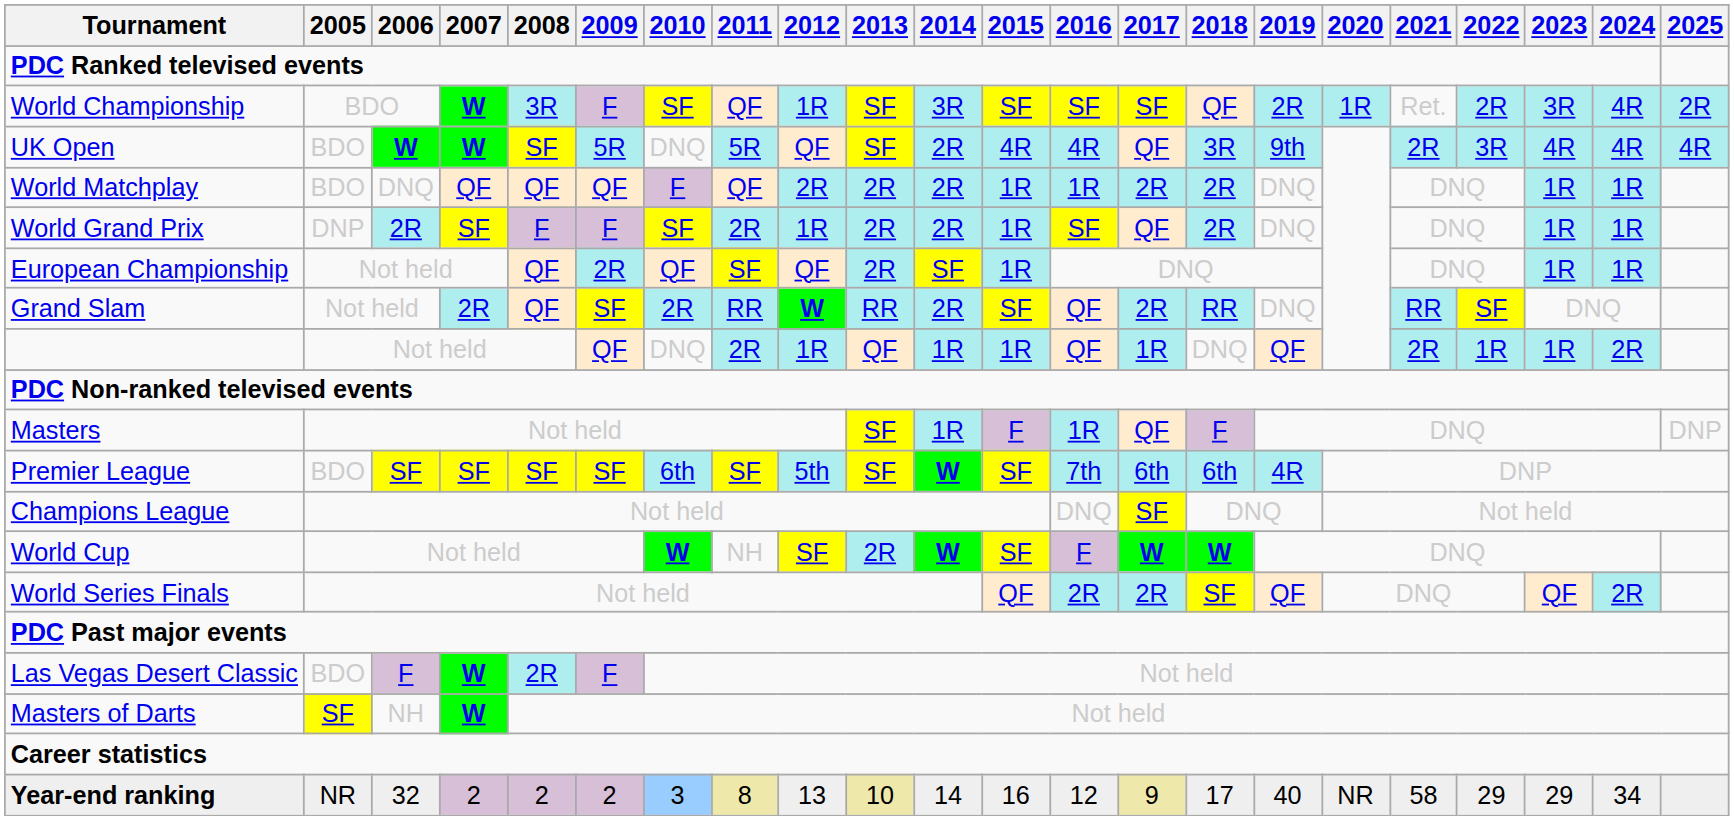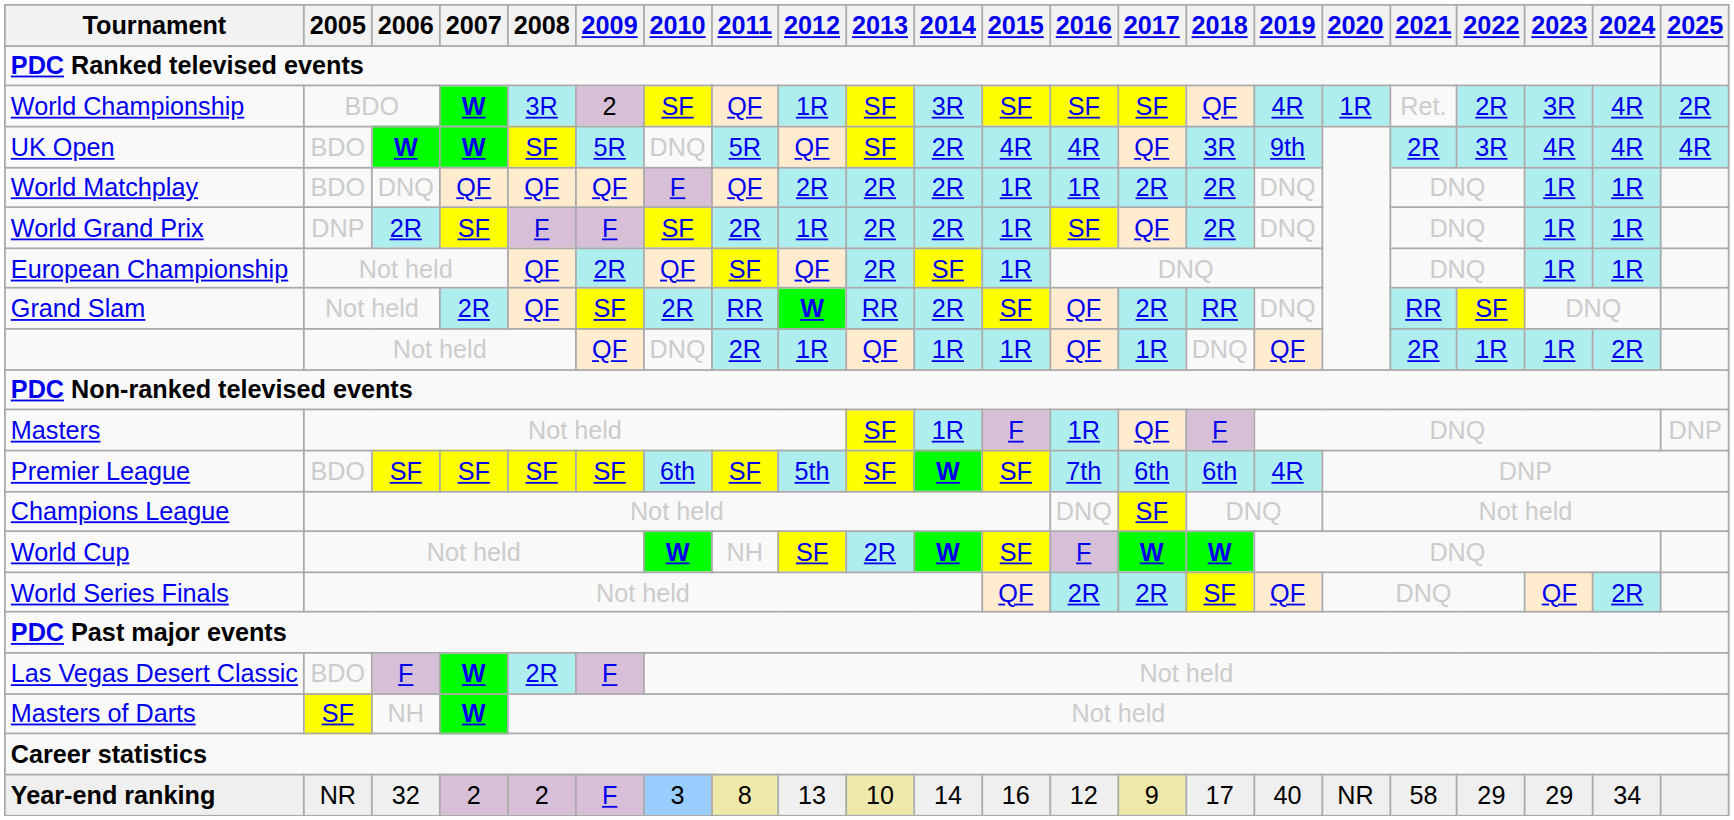 <table class=wikitable style=text-align:center;font-size:88%>
 <tr>
 <th>Tournament</th>
 <th>2005</th>
 <th>2006</th>
 <th>2007</th>
 <th>2008</th>
 <th><a href='#'>2009</a></th>
 <th><a href='#'>2010</a></th>
 <th colspan="2"><a href='#'>2011</a></th>
 <th><a href='#'>2012</a></th>
 <th><a href='#'>2013</a></th>
 <th><a href='#'>2014</a></th>
 <th><a href='#'>2015</a></th>
 <th><a href='#'>2016</a></th>
 <th><a href='#'>2017</a></th>
 <th><a href='#'>2018</a></th>
 <th><a href='#'>2019</a></th>
 <th><a href='#'>2020</a></th>
 <th><a href='#'>2021</a></th>
 <th><a href='#'>2022</a></th>
 <th><a href='#'>2023</a></th>
 <th><a href='#'>2024</a></th>
 <th><a href='#'>2025</a></th>
 </tr>
 <tr>
 <td colspan="22" align="left"><strong><a href='#'>PDC</a> Ranked televised events</strong></td>
 </tr>
 <tr>
 <td align=left><a href='#'>World Championship</a></td>
 <td colspan="2" style="text-align:center; color:#ccc;">BDO</td>
 <td style="text-align:center; background:lime;"><strong><a href='#'>W</a></strong></td>
 <td style="text-align:center; background:#afeeee;"><a href='#'>3R</a></td>
-<td style="text-align:center; background:thistle;"><a href='#'>F</a></td>
+<td style="text-align:center; background:thistle;">2</td>
 <td style="text-align:center; background:yellow;"><a href='#'>SF</a></td>
 <td colspan="2" style="text-align:center; background:#ffebcd;"><a href='#'>QF</a></td>
 <td style="text-align:center; background:#afeeee;"><a href='#'>1R</a></td>
 <td style="text-align:center; background:yellow;"><a href='#'>SF</a></td>
 <td style="text-align:center; background:#afeeee;"><a href='#'>3R</a></td>
 <td style="text-align:center; background:yellow;"><a href='#'>SF</a></td>
 <td style="text-align:center; background:yellow;"><a href='#'>SF</a></td>
 <td style="text-align:center; background:yellow;"><a href='#'>SF</a></td>
 <td style="text-align:center; background:#ffebcd;"><a href='#'>QF</a></td>
-<td style="text-align:center; background:#afeeee;"><a href='#'>2R</a></td>
+<td style="text-align:center; background:#afeeee;"><a href='#'>4R</a></td>
 <td style="text-align:center; background:#afeeee;"><a href='#'>1R</a></td>
 <td style="text-align:center; color:#ccc;">Ret.</td>
 <td style="text-align:center; background:#afeeee;"><a href='#'>2R</a></td>
 <td style="text-align:center; background:#afeeee;"><a href='#'>3R</a></td>
 <td style="text-align:center; background:#afeeee;"><a href='#'>4R</a></td>
 <td style="text-align:center; background:#afeeee;"><a href='#'>2R</a></td>
 </tr>
 <tr>
 <td align=left><a href='#'>UK Open</a></td>
 <td style="text-align:center; color:#ccc;">BDO</td>
 <td style="text-align:center; background:lime;"><strong><a href='#'>W</a></strong></td>
 <td style="text-align:center; background:lime;"><strong><a href='#'>W</a></strong></td>
 <td style="text-align:center; background:yellow;"><a href='#'>SF</a></td>
 <td style="text-align:center; background:#afeeee;"><a href='#'>5R</a></td>
 <td style="text-align:center; color:#ccc;">DNQ</td>
 <td colspan="2" style="text-align:center; background:#afeeee;"><a href='#'>5R</a></td>
 <td style="text-align:center; background:#ffebcd;"><a href='#'>QF</a></td>
 <td style="text-align:center; background:yellow;"><a href='#'>SF</a></td>
 <td style="text-align:center; background:#afeeee;"><a href='#'>2R</a></td>
 <td style="text-align:center; background:#afeeee;"><a href='#'>4R</a></td>
 <td style="text-align:center; background:#afeeee;"><a href='#'>4R</a></td>
 <td style="text-align:center; background:#ffebcd;"><a href='#'>QF</a></td>
 <td style="text-align:center; background:#afeeee;"><a href='#'>3R</a></td>
 <td style="text-align:center; background:#afeeee;"><a href='#'>9th</a></td>
 <td rowspan=6 style="text-align:center;"></td>
 <td style="text-align:center; background:#afeeee;"><a href='#'>2R</a></td>
 <td style="text-align:center; background:#afeeee;"><a href='#'>3R</a></td>
 <td style="text-align:center; background:#afeeee;"><a href='#'>4R</a></td>
 <td style="text-align:center; background:#afeeee;"><a href='#'>4R</a></td>
 <td style="text-align:center; background:#afeeee;"><a href='#'>4R</a></td>
 </tr>
 <tr>
 <td align=left><a href='#'>World Matchplay</a></td>
 <td style="text-align:center; color:#ccc;">BDO</td>
 <td style="text-align:center; color:#ccc;">DNQ</td>
 <td style="text-align:center; background:#ffebcd;"><a href='#'>QF</a></td>
 <td style="text-align:center; background:#ffebcd;"><a href='#'>QF</a></td>
 <td style="text-align:center; background:#ffebcd;"><a href='#'>QF</a></td>
 <td style="text-align:center; background:thistle;"><a href='#'>F</a></td>
 <td colspan="2" style="text-align:center; background:#ffebcd;"><a href='#'>QF</a></td>
 <td style="text-align:center; background:#afeeee;"><a href='#'>2R</a></td>
 <td style="text-align:center; background:#afeeee;"><a href='#'>2R</a></td>
 <td style="text-align:center; background:#afeeee;"><a href='#'>2R</a></td>
 <td style="text-align:center; background:#afeeee;"><a href='#'>1R</a></td>
 <td style="text-align:center; background:#afeeee;"><a href='#'>1R</a></td>
 <td style="text-align:center; background:#afeeee;"><a href='#'>2R</a></td>
 <td style="text-align:center; background:#afeeee;"><a href='#'>2R</a></td>
 <td colspan="1" style="text-align:center; color:#ccc;">DNQ</td>
 <td colspan="2" style="text-align:center; color:#ccc;">DNQ</td>
 <td style="text-align:center; background:#afeeee;"><a href='#'>1R</a></td>
 <td style="text-align:center; background:#afeeee;"><a href='#'>1R</a></td>
 <td></td>
 </tr>
 <tr>
 <td align=left><a href='#'>World Grand Prix</a></td>
 <td style="text-align:center; color:#ccc;">DNP</td>
 <td style="text-align:center; background:#afeeee;"><a href='#'>2R</a></td>
 <td style="text-align:center; background:yellow;"><a href='#'>SF</a></td>
 <td style="text-align:center; background:thistle;"><a href='#'>F</a></td>
 <td style="text-align:center; background:thistle;"><a href='#'>F</a></td>
 <td style="text-align:center; background:yellow;"><a href='#'>SF</a></td>
 <td colspan="2" style="text-align:center; background:#afeeee;"><a href='#'>2R</a></td>
 <td style="text-align:center; background:#afeeee;"><a href='#'>1R</a></td>
 <td style="text-align:center; background:#afeeee;"><a href='#'>2R</a></td>
 <td style="text-align:center; background:#afeeee;"><a href='#'>2R</a></td>
 <td style="text-align:center; background:#afeeee;"><a href='#'>1R</a></td>
 <td style="text-align:center; background:yellow;"><a href='#'>SF</a></td>
 <td style="text-align:center; background:#ffebcd;"><a href='#'>QF</a></td>
 <td style="text-align:center; background:#afeeee;"><a href='#'>2R</a></td>
 <td style="text-align:center; color:#ccc;">DNQ</td>
 <td colspan=2; style="text-align:center; color:#ccc;">DNQ</td>
 <td style="text-align:center; background:#afeeee;"><a href='#'>1R</a></td>
 <td style="text-align:center; background:#afeeee;"><a href='#'>1R</a></td>
 <td></td>
 </tr>
 <tr>
 <td align=left><a href='#'>European Championship</a></td>
 <td colspan="3" style="text-align:center; color:#ccc;">Not held</td>
 <td style="text-align:center; background:#ffebcd;"><a href='#'>QF</a></td>
 <td style="text-align:center; background:#afeeee;"><a href='#'>2R</a></td>
 <td style="text-align:center; background:#ffebcd;"><a href='#'>QF</a></td>
 <td colspan="2" style="text-align:center; background:yellow;"><a href='#'>SF</a></td>
 <td style="text-align:center; background:#ffebcd;"><a href='#'>QF</a></td>
 <td style="text-align:center; background:#afeeee;"><a href='#'>2R</a></td>
 <td style="text-align:center; background:yellow;"><a href='#'>SF</a></td>
 <td style="text-align:center; background:#afeeee;"><a href='#'>1R</a></td>
 <td colspan="4" style="text-align:center; color:#ccc;">DNQ</td>
 <td colspan="2" style="text-align:center; color:#ccc;">DNQ</td>
 <td style="text-align:center; background:#afeeee;"><a href='#'>1R</a></td>
 <td style="text-align:center; background:#afeeee;"><a href='#'>1R</a></td>
 <td></td>
 </tr>
 <tr>
 <td align=left><a href='#'>Grand Slam</a></td>
 <td colspan="2" style="text-align:center; color:#ccc;">Not held</td>
 <td style="text-align:center; background:#afeeee;"><a href='#'>2R</a></td>
 <td style="text-align:center; background:#ffebcd;"><a href='#'>QF</a></td>
 <td style="text-align:center; background:yellow;"><a href='#'>SF</a></td>
 <td style="text-align:center; background:#afeeee;"><a href='#'>2R</a></td>
 <td colspan="2" style="text-align:center; background:#afeeee;"><a href='#'>RR</a></td>
 <td style="text-align:center; background:lime;"><strong><a href='#'>W</a></strong></td>
 <td style="text-align:center; background:#afeeee;"><a href='#'>RR</a></td>
 <td style="text-align:center; background:#afeeee;"><a href='#'>2R</a></td>
 <td style="text-align:center; background:yellow;"><a href='#'>SF</a></td>
 <td style="text-align:center; background:#ffebcd;"><a href='#'>QF</a></td>
 <td style="text-align:center; background:#afeeee;"><a href='#'>2R</a></td>
 <td style="text-align:center; background:#afeeee;"><a href='#'>RR</a></td>
 <td style="text-align:center; color:#ccc;">DNQ</td>
 <td style="text-align:center; background:#afeeee;"><a href='#'>RR</a></td>
 <td style="text-align:center; background:yellow;"><a href='#'>SF</a></td>
 <td colspan="2" style="text-align:center; color:#ccc;">DNQ</td>
 <td></td>
 </tr>
 <tr>
 <td align=left></td>
 <td colspan="4" style="text-align:center; color:#ccc;">Not held</td>
 <td style="text-align:center; background:#ffebcd;"><a href='#'>QF</a></td>
 <td colspan="2" style="text-align:center; color:#ccc;">DNQ</td>
 <td style="text-align:center; background:#afeeee;"><a href='#'>2R</a></td>
 <td style="text-align:center; background:#afeeee;"><a href='#'>1R</a></td>
 <td style="text-align:center; background:#ffebcd;"><a href='#'>QF</a></td>
 <td style="text-align:center; background:#afeeee;"><a href='#'>1R</a></td>
 <td style="text-align:center; background:#afeeee;"><a href='#'>1R</a></td>
 <td style="text-align:center; background:#ffebcd;"><a href='#'>QF</a></td>
 <td style="text-align:center; background:#afeeee;"><a href='#'>1R</a></td>
 <td style="text-align:center; color:#ccc;">DNQ</td>
 <td style="text-align:center; background:#ffebcd;"><a href='#'>QF</a></td>
 <td style="text-align:center; background:#afeeee;"><a href='#'>2R</a></td>
 <td style="text-align:center; background:#afeeee;"><a href='#'>1R</a></td>
 <td style="text-align:center; background:#afeeee;"><a href='#'>1R</a></td>
 <td style="text-align:center; background:#afeeee;"><a href='#'>2R</a></td>
 <td></td>
 </tr>
 <tr>
 <td colspan="25" align="left"><strong><a href='#'>PDC</a> Non-ranked televised events</strong></td>
 </tr>
 <tr>
 <td align=left><a href='#'>Masters</a></td>
 <td colspan="9" style="text-align:center; color:#ccc;">Not held</td>
 <td style="text-align:center; background:yellow;"><a href='#'>SF</a></td>
 <td style="text-align:center; background:#afeeee;"><a href='#'>1R</a></td>
 <td style="text-align:center; background:thistle;"><a href='#'>F</a></td>
 <td style="text-align:center; background:#afeeee;"><a href='#'>1R</a></td>
 <td style="text-align:center; background:#ffebcd;"><a href='#'>QF</a></td>
 <td style="text-align:center; background:thistle;"><a href='#'>F</a></td>
 <td colspan="6" style="text-align:center; color:#ccc;">DNQ</td>
 <td style="text-align:center; color:#ccc;">DNP</td>
 </tr>
 <tr>
 <td align=left><a href='#'>Premier League</a></td>
 <td style="text-align:center; color:#ccc;">BDO</td>
 <td style="text-align:center; background:yellow;"><a href='#'>SF</a></td>
 <td style="text-align:center; background:yellow;"><a href='#'>SF</a></td>
 <td style="text-align:center; background:yellow;"><a href='#'>SF</a></td>
 <td style="text-align:center; background:yellow;"><a href='#'>SF</a></td>
 <td style="text-align:center; background:#afeeee;"><a href='#'>6th</a></td>
 <td colspan="2" style="text-align:center; background:yellow;"><a href='#'>SF</a></td>
 <td style="text-align:center; background:#afeeee;"><a href='#'>5th</a></td>
 <td style="text-align:center; background:yellow;"><a href='#'>SF</a></td>
 <td style="text-align:center; background:lime;"><strong><a href='#'>W</a></strong></td>
 <td style="text-align:center; background:yellow;"><a href='#'>SF</a></td>
 <td style="text-align:center; background:#afeeee;"><a href='#'>7th</a></td>
 <td style="text-align:center; background:#afeeee;"><a href='#'>6th</a></td>
 <td style="text-align:center; background:#afeeee;"><a href='#'>6th</a></td>
 <td style="text-align:center; background:#afeeee;"><a href='#'>4R</a></td>
 <td colspan="6" style="text-align:center; color:#ccc;">DNP</td>
 </tr>
 <tr>
 <td align=left><a href='#'>Champions League</a></td>
 <td colspan="12" style="text-align:center; color:#ccc;">Not held</td>
 <td style="text-align:center; color:#ccc;">DNQ</td>
 <td style="text-align:center; background:yellow;"><a href='#'>SF</a></td>
 <td colspan="2" style="text-align:center; color:#ccc;">DNQ</td>
 <td colspan="6" style="text-align:center; color:#ccc;">Not held</td>
 </tr>
 <tr>
 <td align=left><a href='#'>World Cup</a></td>
 <td colspan="5" style="text-align:center; color:#ccc;">Not held</td>
 <td style="text-align:center; background:lime;"><strong><a href='#'>W</a></strong></td>
 <td colspan="2" style="text-align:center; color:#ccc;">NH</td>
 <td style="text-align:center; background:yellow;"><a href='#'>SF</a></td>
 <td style="text-align:center; background:#afeeee;"><a href='#'>2R</a></td>
 <td style="text-align:center; background:lime;"><strong><a href='#'>W</a></strong></td>
 <td style="text-align:center; background:yellow;"><a href='#'>SF</a></td>
 <td style="text-align:center; background:thistle;"><a href='#'>F</a></td>
 <td style="text-align:center; background:lime;"><strong><a href='#'>W</a></strong></td>
 <td style="text-align:center; background:lime;"><strong><a href='#'>W</a></strong></td>
 <td colspan="6" style="text-align:center; color:#ccc;">DNQ</td>
 <td></td>
 </tr>
 <tr>
 <td align=left><a href='#'>World Series Finals</a></td>
 <td colspan="11" style="text-align:center; color:#ccc;">Not held</td>
 <td style="text-align:center; background:#ffebcd;"><a href='#'>QF</a></td>
 <td style="text-align:center; background:#afeeee;"><a href='#'>2R</a></td>
 <td style="text-align:center; background:#afeeee;"><a href='#'>2R</a></td>
 <td style="text-align:center; background:yellow;"><a href='#'>SF</a></td>
 <td style="text-align:center; background:#ffebcd;"><a href='#'>QF</a></td>
 <td colspan="3" style="text-align:center; color:#ccc;">DNQ</td>
 <td style="text-align:center; background:#ffebcd;"><a href='#'>QF</a></td>
 <td style="text-align:center; background:#afeeee;"><a href='#'>2R</a></td>
 <td></td>
 </tr>
 <tr>
 <td colspan="25" align="left"><strong><a href='#'>PDC</a> Past major events</strong></td>
 </tr>
 <tr>
 <td align=left><a href='#'>Las Vegas Desert Classic</a></td>
 <td style="text-align:center; color:#ccc;">BDO</td>
 <td style="text-align:center; background:thistle;"><a href='#'>F</a></td>
 <td style="text-align:center; background:lime;"><strong><a href='#'>W</a></strong></td>
 <td style="text-align:center; background:#afeeee;"><a href='#'>2R</a></td>
 <td style="text-align:center; background:thistle;"><a href='#'>F</a></td>
 <td colspan="17" style="text-align:center; color:#ccc;">Not held</td>
 </tr>
 <tr>
 <td align=left><a href='#'>Masters of Darts</a></td>
 <td style="text-align:center; background:yellow;"><a href='#'>SF</a></td>
 <td style="text-align:center; color:#ccc;">NH</td>
 <td style="text-align:center; background:lime;"><strong><a href='#'>W</a></strong></td>
 <td colspan="19" style="text-align:center; color:#ccc;">Not held</td>
 </tr>
 <tr>
 <td colspan="28" align="left"><strong>Career statistics</strong></td>
 </tr>
 <tr bgcolor="efefef">
 <td align="left"><strong>Year-end ranking</strong></td>
 <td style="text-align:center;">NR</td>
 <td style="text-align:center;">32</td>
 <td style="text-align:center; background:thistle;">2</td>
 <td style="text-align:center; background:thistle;">2</td>
-<td style="text-align:center; background:thistle;">2</td>
+<td style="text-align:center; background:thistle;"><a href='#'>F</a></td>
 <td style="text-align:center; background:#99ccff;">3</td>
 <td colspan="2" style="text-align:center; background:#eee8aa;">8</td>
 <td style="text-align:center;">13</td>
 <td style="text-align:center; background:#eee8aa;">10</td>
 <td style="text-align:center;">14</td>
 <td style="text-align:center;">16</td>
 <td style="text-align:center;">12</td>
 <td style="text-align:center; background:#eee8aa;">9</td>
 <td style="text-align:center;">17</td>
 <td style="text-align:center;">40</td>
 <td style="text-align:center;">NR</td>
 <td style="text-align:center;">58</td>
 <td style="text-align:center;">29</td>
 <td style="text-align:center;">29</td>
 <td style="text-align:center;">34</td>
 <td></td>
 </tr>
 </table>
